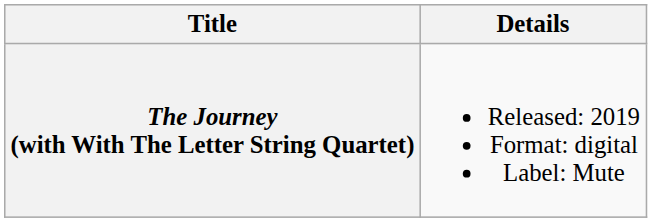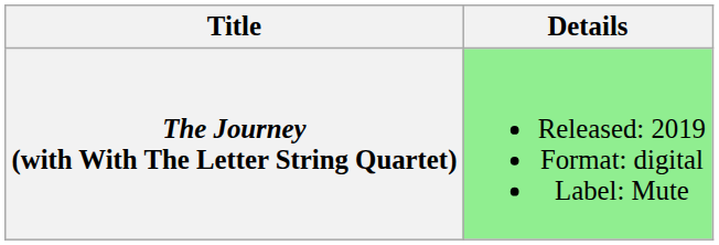 <table class="wikitable plainrowheaders" style="text-align:center;" border="1">
 <tr>
 <th>Title</th>
 <th>Details</th>
 </tr>
 <tr>
 <th scope="row"><em>The Journey</em> <br> (with With The Letter String Quartet)</th>
-<td><br><ul><li>Released: 2019</li><li>Format: digital</li><li>Label: Mute</li></ul></td>
+<td style="background: lightgreen;"><br><ul><li>Released: 2019</li><li>Format: digital</li><li>Label: Mute</li></ul></td>
 </tr>
 </table>
